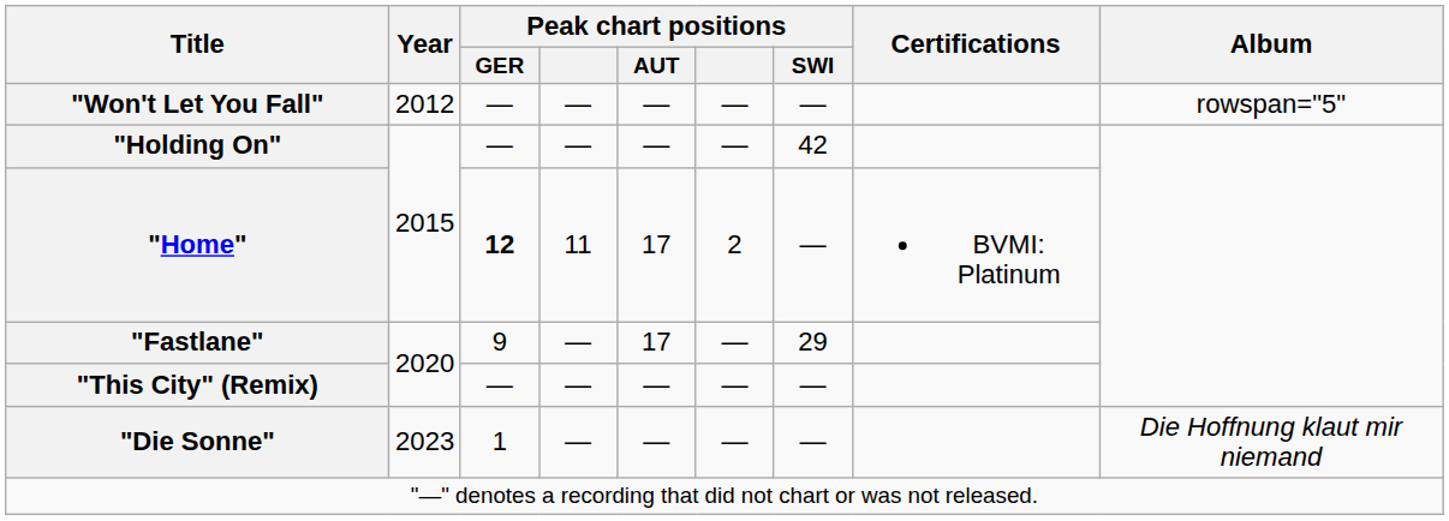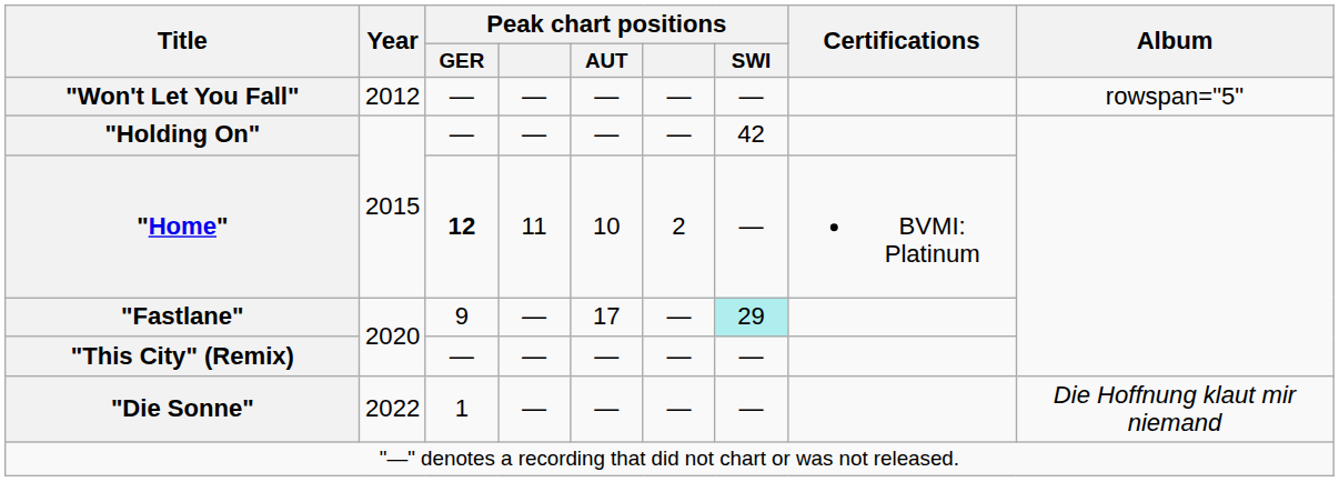 <table class="wikitable plainrowheaders" style="text-align: center;">
 <tr>
 <th scope="col" rowspan="2" style="width:14em;">Title</th>
 <th scope="col" rowspan="2" style="width:1em;">Year</th>
 <th scope="col" colspan="5">Peak chart positions</th>
 <th scope="col" rowspan="2">Certifications</th>
 <th scope="col" rowspan="2">Album</th>
 </tr>
 <tr>
 <th scope="col" style="width:3em; font-size:85%;">GER<br></th>
 <th scope="col" style="width:3em; font-size:85%;"><a href='#'></a><br></th>
 <th scope="col" style="width:3em; font-size:85%;">AUT<br></th>
 <th scope="col" style="width:3em; font-size:85%;"><a href='#'></a><br></th>
 <th scope="col" style="width:3em; font-size:85%;">SWI<br></th>
 </tr>
 <tr>
 <th scope="row">"Won't Let You Fall"<br></th>
 <td>2012</td>
 <td>—</td>
 <td>—</td>
 <td>—</td>
 <td>—</td>
 <td>—</td>
 <td></td>
 <td>rowspan="5" </td>
 </tr>
 <tr>
 <th scope="row">"Holding On"<br></th>
 <td rowspan="2">2015</td>
 <td>—</td>
 <td>—</td>
 <td>—</td>
 <td>—</td>
 <td>42</td>
 <td></td>
 </tr>
 <tr>
 <th scope="row">"<a href='#'>Home</a>"<br></th>
 <td><strong>12</strong></td>
 <td>11</td>
-<td>17</td>
+<td>10</td>
 <td>2</td>
 <td>—</td>
 <td><br><ul><li>BVMI: Platinum</li></ul></td>
 </tr>
 <tr>
 <th scope="row">"Fastlane"<br></th>
 <td rowspan="2">2020</td>
 <td>9</td>
 <td>—</td>
 <td>17</td>
 <td>—</td>
-<td>29</td>
+<td style="background: paleturquoise;">29</td>
 <td></td>
 </tr>
 <tr>
 <th scope="row">"This City" (Remix)<br></th>
 <td>—</td>
 <td>—</td>
 <td>—</td>
 <td>—</td>
 <td>—</td>
 <td></td>
 </tr>
 <tr>
 <th scope="row">"Die Sonne"<br></th>
-<td>2023</td>
+<td>2022</td>
 <td>1</td>
 <td>—</td>
 <td>—</td>
 <td>—</td>
 <td>—</td>
 <td></td>
 <td><em>Die Hoffnung klaut mir niemand</em></td>
 </tr>
 <tr>
 <td colspan="23" style="text-align:center; font-size:85%;">"—" denotes a recording that did not chart or was not released.</td>
 </tr>
 </table>
